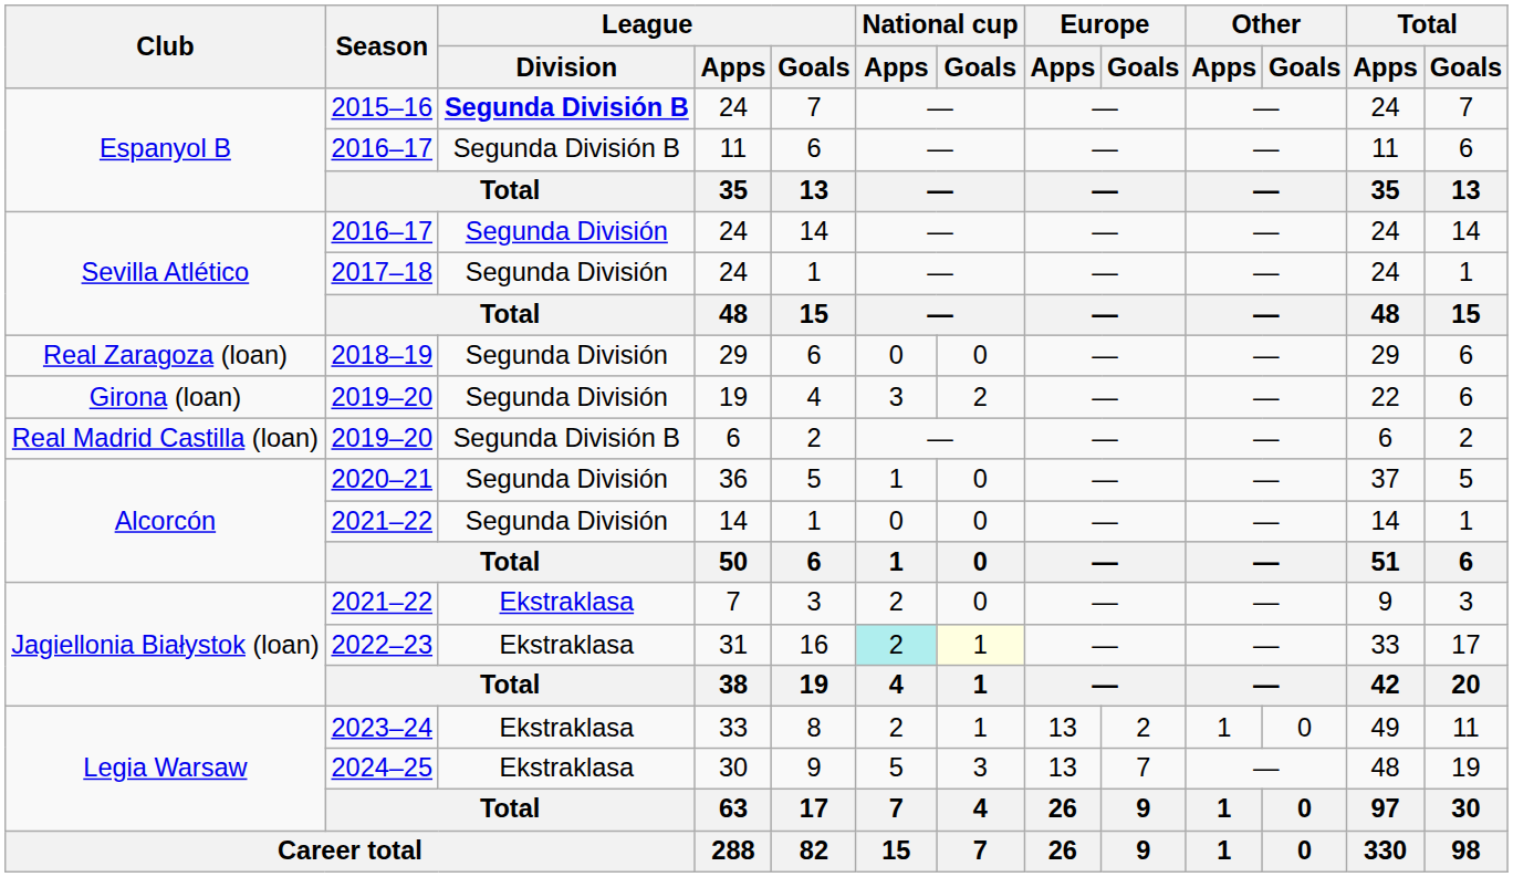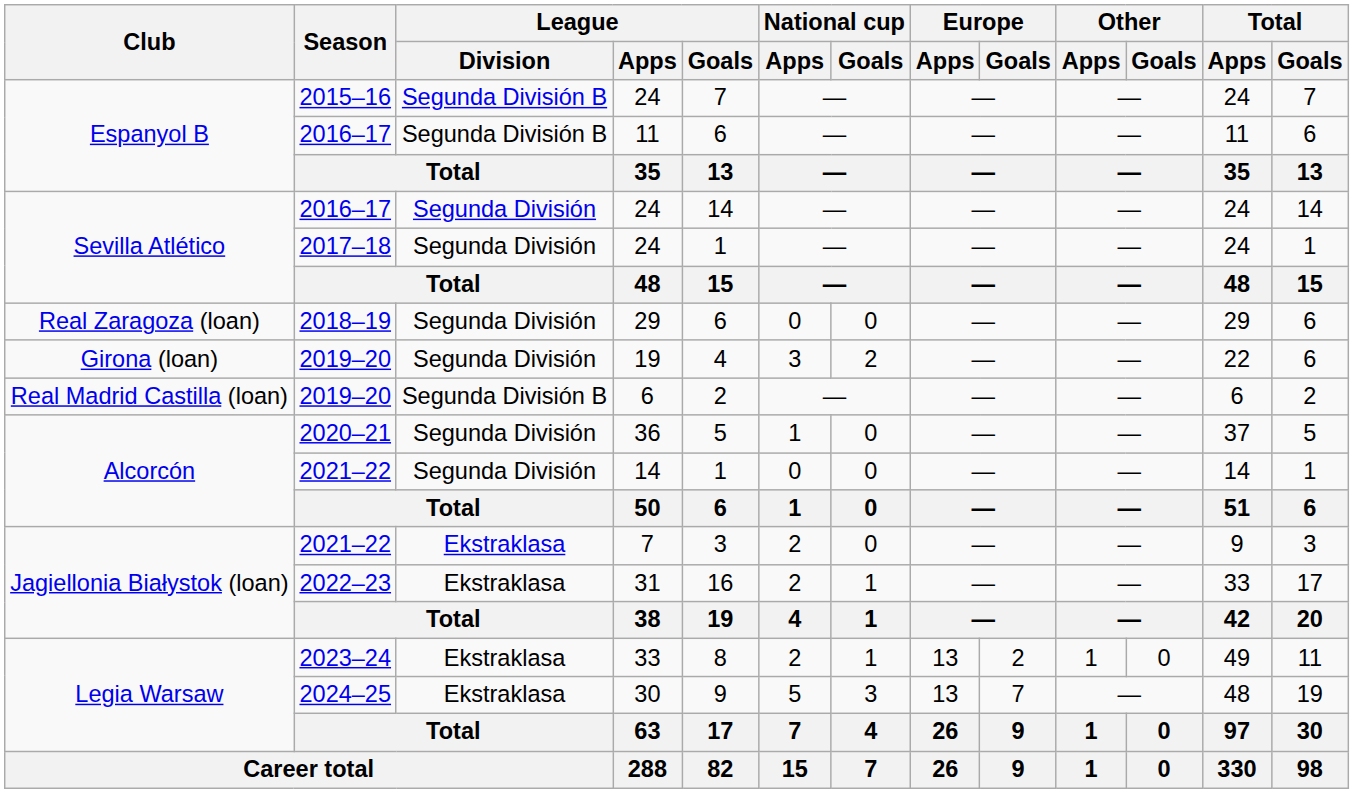 <table class="wikitable", style="text-align:center">
 <tr>
 <th rowspan="2">Club</th>
 <th rowspan="2">Season</th>
 <th colspan="3">League</th>
 <th colspan="2">National cup</th>
 <th colspan="2">Europe</th>
 <th colspan="2">Other</th>
 <th colspan="2">Total</th>
 </tr>
 <tr>
 <th>Division</th>
 <th>Apps</th>
 <th>Goals</th>
 <th>Apps</th>
 <th>Goals</th>
 <th>Apps</th>
 <th>Goals</th>
 <th>Apps</th>
 <th>Goals</th>
 <th>Apps</th>
 <th>Goals</th>
 </tr>
 <tr>
 <td rowspan="3"><a href='#'>Espanyol B</a></td>
 <td><a href='#'>2015–16</a></td>
-<td><strong><a href='#'>Segunda División B</a></strong></td>
+<td><a href='#'>Segunda División B</a></td>
 <td>24</td>
 <td>7</td>
 <td colspan="2">—</td>
 <td colspan="2">—</td>
 <td colspan="2">—</td>
 <td>24</td>
 <td>7</td>
 </tr>
 <tr>
 <td><a href='#'>2016–17</a></td>
 <td>Segunda División B</td>
 <td>11</td>
 <td>6</td>
 <td colspan="2">—</td>
 <td colspan="2">—</td>
 <td colspan="2">—</td>
 <td>11</td>
 <td>6</td>
 </tr>
 <tr>
 <th colspan="2">Total</th>
 <th>35</th>
 <th>13</th>
 <th colspan="2">—</th>
 <th colspan="2">—</th>
 <th colspan="2">—</th>
 <th>35</th>
 <th>13</th>
 </tr>
 <tr>
 <td rowspan="3"><a href='#'>Sevilla Atlético</a></td>
 <td><a href='#'>2016–17</a></td>
 <td><a href='#'>Segunda División</a></td>
 <td>24</td>
 <td>14</td>
 <td colspan="2">—</td>
 <td colspan="2">—</td>
 <td colspan="2">—</td>
 <td>24</td>
 <td>14</td>
 </tr>
 <tr>
 <td><a href='#'>2017–18</a></td>
 <td>Segunda División</td>
 <td>24</td>
 <td>1</td>
 <td colspan="2">—</td>
 <td colspan="2">—</td>
 <td colspan="2">—</td>
 <td>24</td>
 <td>1</td>
 </tr>
 <tr>
 <th colspan="2">Total</th>
 <th>48</th>
 <th>15</th>
 <th colspan="2">—</th>
 <th colspan="2">—</th>
 <th colspan="2">—</th>
 <th>48</th>
 <th>15</th>
 </tr>
 <tr>
 <td><a href='#'>Real Zaragoza</a> (loan)</td>
 <td><a href='#'>2018–19</a></td>
 <td>Segunda División</td>
 <td>29</td>
 <td>6</td>
 <td>0</td>
 <td>0</td>
 <td colspan="2">—</td>
 <td colspan="2">—</td>
 <td>29</td>
 <td>6</td>
 </tr>
 <tr>
 <td><a href='#'>Girona</a> (loan)</td>
 <td><a href='#'>2019–20</a></td>
 <td>Segunda División</td>
 <td>19</td>
 <td>4</td>
 <td>3</td>
 <td>2</td>
 <td colspan="2">—</td>
 <td colspan="2">—</td>
 <td>22</td>
 <td>6</td>
 </tr>
 <tr>
 <td><a href='#'>Real Madrid Castilla</a> (loan)</td>
 <td><a href='#'>2019–20</a></td>
 <td>Segunda División B</td>
 <td>6</td>
 <td>2</td>
 <td colspan="2">—</td>
 <td colspan="2">—</td>
 <td colspan="2">—</td>
 <td>6</td>
 <td>2</td>
 </tr>
 <tr>
 <td rowspan="3"><a href='#'>Alcorcón</a></td>
 <td><a href='#'>2020–21</a></td>
 <td>Segunda División</td>
 <td>36</td>
 <td>5</td>
 <td>1</td>
 <td>0</td>
 <td colspan="2">—</td>
 <td colspan="2">—</td>
 <td>37</td>
 <td>5</td>
 </tr>
 <tr>
 <td><a href='#'>2021–22</a></td>
 <td>Segunda División</td>
 <td>14</td>
 <td>1</td>
 <td>0</td>
 <td>0</td>
 <td colspan="2">—</td>
 <td colspan="2">—</td>
 <td>14</td>
 <td>1</td>
 </tr>
 <tr>
 <th colspan="2">Total</th>
 <th>50</th>
 <th>6</th>
 <th>1</th>
 <th>0</th>
 <th colspan="2">—</th>
 <th colspan="2">—</th>
 <th>51</th>
 <th>6</th>
 </tr>
 <tr>
 <td rowspan="3"><a href='#'>Jagiellonia Białystok</a> (loan)</td>
 <td><a href='#'>2021–22</a></td>
 <td><a href='#'>Ekstraklasa</a></td>
 <td>7</td>
 <td>3</td>
 <td>2</td>
 <td>0</td>
 <td colspan="2">—</td>
 <td colspan="2">—</td>
 <td>9</td>
 <td>3</td>
 </tr>
 <tr>
 <td><a href='#'>2022–23</a></td>
 <td>Ekstraklasa</td>
 <td>31</td>
 <td>16</td>
-<td style="background: paleturquoise;">2</td>
-<td style="background: lightyellow;">1</td>
+<td>2</td>
+<td>1</td>
 <td colspan="2">—</td>
 <td colspan="2">—</td>
 <td>33</td>
 <td>17</td>
 </tr>
 <tr>
 <th colspan="2">Total</th>
 <th>38</th>
 <th>19</th>
 <th>4</th>
 <th>1</th>
 <th colspan="2">—</th>
 <th colspan="2">—</th>
 <th>42</th>
 <th>20</th>
 </tr>
 <tr>
 <td rowspan="3"><a href='#'>Legia Warsaw</a></td>
 <td><a href='#'>2023–24</a></td>
 <td>Ekstraklasa</td>
 <td>33</td>
 <td>8</td>
 <td>2</td>
 <td>1</td>
 <td>13</td>
 <td>2</td>
 <td>1</td>
 <td>0</td>
 <td>49</td>
 <td>11</td>
 </tr>
 <tr>
 <td><a href='#'>2024–25</a></td>
 <td>Ekstraklasa</td>
 <td>30</td>
 <td>9</td>
 <td>5</td>
 <td>3</td>
 <td>13</td>
 <td>7</td>
 <td colspan="2">—</td>
 <td>48</td>
 <td>19</td>
 </tr>
 <tr>
 <th colspan="2">Total</th>
 <th>63</th>
 <th>17</th>
 <th>7</th>
 <th>4</th>
 <th>26</th>
 <th>9</th>
 <th>1</th>
 <th>0</th>
 <th>97</th>
 <th>30</th>
 </tr>
 <tr>
 <th colspan="3">Career total</th>
 <th>288</th>
 <th>82</th>
 <th>15</th>
 <th>7</th>
 <th>26</th>
 <th>9</th>
 <th>1</th>
 <th>0</th>
 <th>330</th>
 <th>98</th>
 </tr>
 </table>
